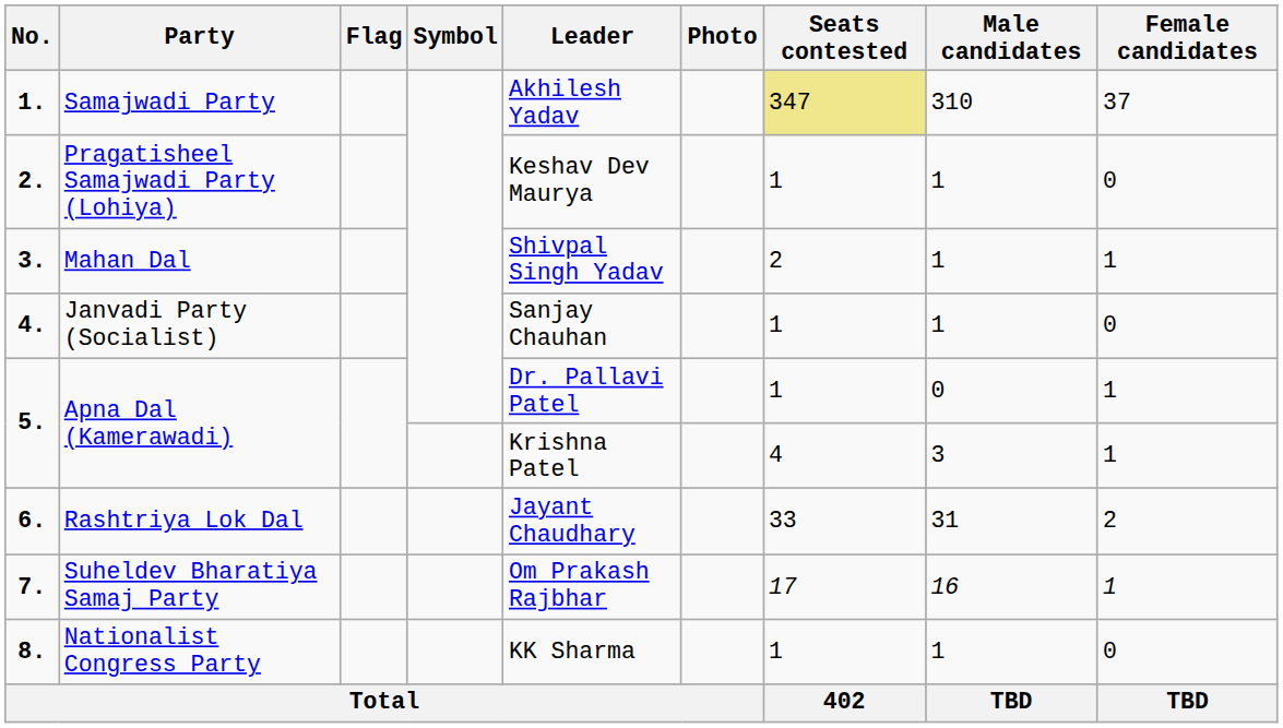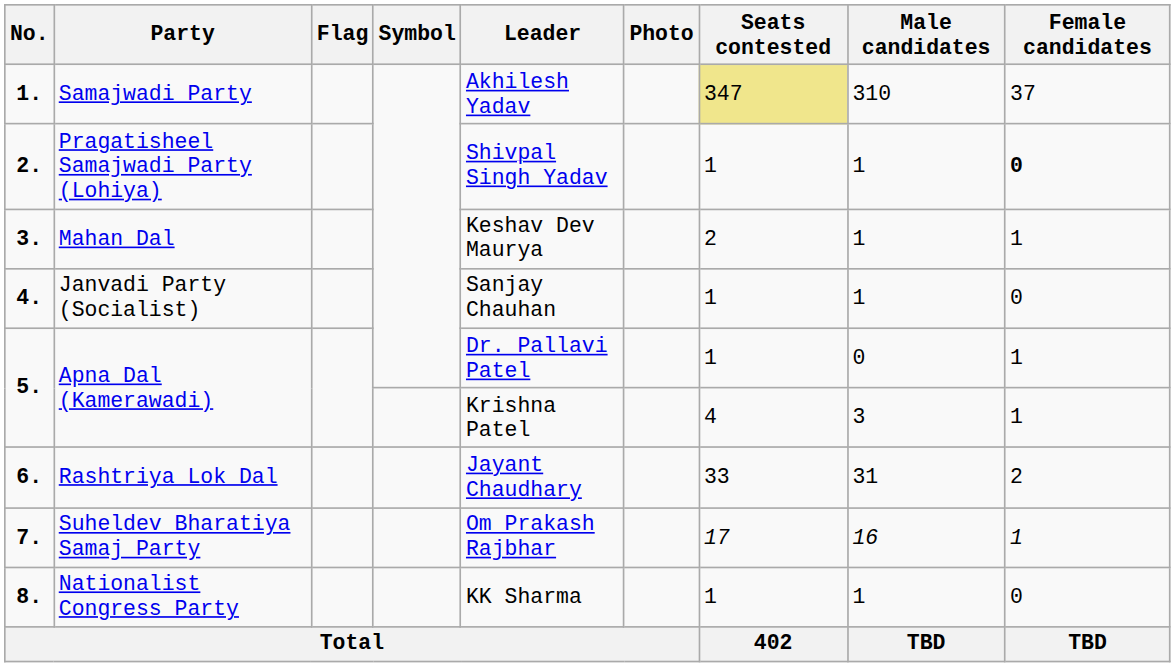 <table class="wikitable" style="width:80%">
 <tr>
 <th>No.</th>
 <th>Party</th>
 <th>Flag</th>
 <th>Symbol</th>
 <th>Leader</th>
 <th>Photo</th>
 <th>Seats contested</th>
 <th>Male candidates</th>
 <th>Female candidates</th>
 </tr>
 <tr>
 <td style="text-align:center; background:"><strong>1.</strong></td>
 <td><a href='#'>Samajwadi Party</a></td>
 <td></td>
 <td rowspan="5"></td>
 <td><a href='#'>Akhilesh Yadav</a></td>
 <td></td>
 <td style="background: khaki;">347</td>
 <td>310</td>
 <td>37</td>
 </tr>
 <tr>
 <td style="text-align:center; background:"><strong>2.</strong></td>
 <td><a href='#'>Pragatisheel Samajwadi Party (Lohiya)</a></td>
 <td></td>
-<td>Keshav Dev Maurya</td>
+<td><a href='#'>Shivpal Singh Yadav</a></td>
 <td></td>
 <td>1</td>
 <td>1</td>
-<td>0</td>
+<td><strong>0</strong></td>
 </tr>
 <tr>
 <td style="text-align:center; background:"><strong>3.</strong></td>
 <td><a href='#'>Mahan Dal</a></td>
 <td></td>
-<td><a href='#'>Shivpal Singh Yadav</a></td>
+<td>Keshav Dev Maurya</td>
 <td></td>
 <td>2</td>
 <td>1</td>
 <td>1</td>
 </tr>
 <tr>
 <td style="text-align:center; background:"><strong>4.</strong></td>
 <td>Janvadi Party (Socialist)</td>
 <td></td>
 <td>Sanjay Chauhan</td>
 <td></td>
 <td>1</td>
 <td>1</td>
 <td>0</td>
 </tr>
 <tr>
 <td rowspan="2" style="text-align:center; background:"><strong>5.</strong></td>
 <td rowspan="2"><a href='#'>Apna Dal (Kamerawadi)</a></td>
 <td rowspan="2"></td>
 <td><a href='#'>Dr. Pallavi Patel</a></td>
 <td></td>
 <td>1</td>
 <td>0</td>
 <td>1</td>
 </tr>
 <tr>
 <td></td>
 <td>Krishna Patel</td>
 <td></td>
 <td>4</td>
 <td>3</td>
 <td>1</td>
 </tr>
 <tr>
 <td style="text-align:center; background:"><strong>6.</strong></td>
 <td><a href='#'>Rashtriya Lok Dal</a></td>
 <td></td>
 <td></td>
 <td><a href='#'>Jayant Chaudhary</a></td>
 <td></td>
 <td>33</td>
 <td>31</td>
 <td>2</td>
 </tr>
 <tr>
 <td style="text-align:center; background:"><strong>7.</strong></td>
 <td><a href='#'>Suheldev Bharatiya Samaj Party</a></td>
 <td></td>
 <td></td>
 <td><a href='#'>Om Prakash Rajbhar</a></td>
 <td></td>
 <td><em>17</em></td>
 <td><em>16</em></td>
 <td><em>1</em></td>
 </tr>
 <tr>
 <td style="text-align:center; background:"><strong>8.</strong></td>
 <td><a href='#'>Nationalist Congress Party</a></td>
 <td></td>
 <td></td>
 <td>KK Sharma</td>
 <td></td>
 <td>1</td>
 <td>1</td>
 <td>0</td>
 </tr>
 <tr>
 <th colspan="6">Total</th>
 <th>402</th>
 <th>TBD</th>
 <th>TBD</th>
 </tr>
 </table>
